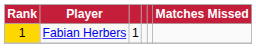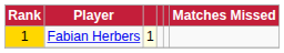 <table class="wikitable" style="text-align:center">
 <tr>
 </tr>
 <tr>
 <th style="background:#C41E3A; color:white; text-align:center;">Rank</th>
 <th style="background:#C41E3A; color:white; text-align:center;">Player</th>
 <th style="background:#C41E3A; color:white; text-align:center;"></th>
 <th style="background:#C41E3A; color:white; text-align:center;"></th>
 <th style="background:#C41E3A; color:white; text-align:center;"></th>
 <th style="background:#C41E3A; color:white; text-align:center;">Matches Missed</th>
 </tr>
 <tr>
 <td style="background: gold;">1</td>
 <td> <a href='#'>Fabian Herbers</a></td>
-<td>1</td>
+<td style="background: lightyellow;">1</td>
 <td></td>
 <td></td>
 <td></td>
 </tr>
 <tr>
 </tr>
 </table>
